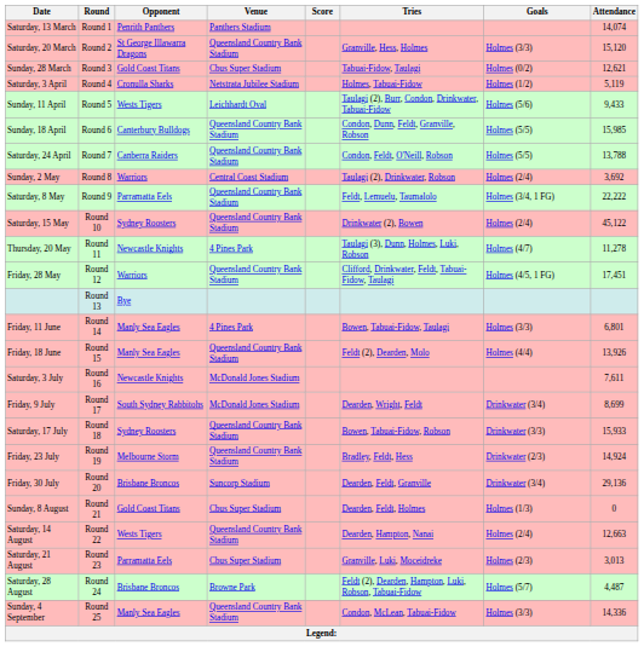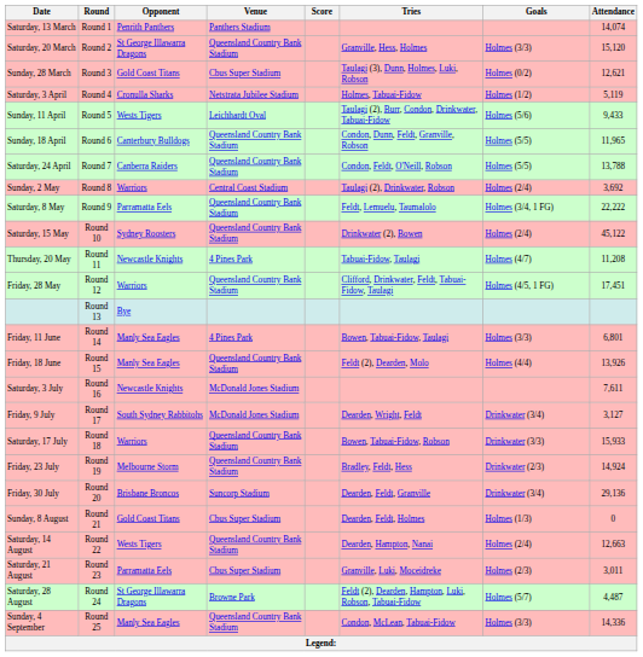 <table class="wikitable" style="font-size:75%;">
 <tr>
 <th style="width:120px;">Date</th>
 <th style="width:50px;">Round</th>
 <th style="width:160px;">Opponent</th>
 <th style="width:170px;">Venue</th>
 <th style="width:50px;">Score</th>
 <th style="width:270px;">Tries</th>
 <th style="width:190px;">Goals</th>
 <th style="width:60px;">Attendance</th>
 </tr>
 <tr style="background:#FFBBBB">
 <td>Saturday, 13 March</td>
 <td style="text-align:center;">Round 1</td>
 <td> <a href='#'>Penrith Panthers</a></td>
 <td><a href='#'>Panthers Stadium</a></td>
 <td style="text-align:center;"></td>
 <td></td>
 <td></td>
 <td style="text-align:center;">14,074</td>
 </tr>
 <tr style="background:#FFBBBB">
 <td>Saturday, 20 March</td>
 <td style="text-align:center;">Round 2</td>
 <td> <a href='#'>St George Illawarra Dragons</a></td>
 <td><a href='#'>Queensland Country Bank Stadium</a></td>
 <td style="text-align:center;"></td>
 <td><a href='#'>Granville</a>, <a href='#'>Hess</a>, <a href='#'>Holmes</a></td>
 <td><a href='#'>Holmes</a> (3/3)</td>
 <td style="text-align:center;">15,120</td>
 </tr>
 <tr style="background:#FFBBBB">
 <td>Sunday, 28 March</td>
 <td style="text-align:center;">Round 3</td>
 <td> <a href='#'>Gold Coast Titans</a></td>
 <td><a href='#'>Cbus Super Stadium</a></td>
 <td style="text-align:center;"></td>
-<td><a href='#'>Tabuai-Fidow</a>, <a href='#'>Taulagi</a></td>
+<td><a href='#'>Taulagi</a> (3), <a href='#'>Dunn</a>, <a href='#'>Holmes</a>, <a href='#'>Luki</a>, <a href='#'>Robson</a></td>
 <td><a href='#'>Holmes</a> (0/2)</td>
 <td style="text-align:center;">12,621</td>
 </tr>
 <tr style="background:#FFBBBB">
 <td>Saturday, 3 April</td>
 <td style="text-align:center;">Round 4</td>
 <td> <a href='#'>Cronulla Sharks</a></td>
 <td><a href='#'>Netstrata Jubilee Stadium</a></td>
 <td style="text-align:center;"></td>
 <td><a href='#'>Holmes</a>, <a href='#'>Tabuai-Fidow</a></td>
 <td><a href='#'>Holmes</a> (1/2)</td>
 <td style="text-align:center;">5,119</td>
 </tr>
 <tr style="background:#CCFFCC">
 <td>Sunday, 11 April</td>
 <td style="text-align:center;">Round 5</td>
 <td> <a href='#'>Wests Tigers</a></td>
 <td><a href='#'>Leichhardt Oval</a></td>
 <td style="text-align:center;"></td>
 <td><a href='#'>Taulagi</a> (2), <a href='#'>Burr</a>, <a href='#'>Condon</a>, <a href='#'>Drinkwater</a>, <a href='#'>Tabuai-Fidow</a></td>
 <td><a href='#'>Holmes</a> (5/6)</td>
 <td style="text-align:center;">9,433</td>
 </tr>
 <tr style="background:#CCFFCC">
 <td>Sunday, 18 April</td>
 <td style="text-align:center;">Round 6</td>
 <td> <a href='#'>Canterbury Bulldogs</a></td>
 <td><a href='#'>Queensland Country Bank Stadium</a></td>
 <td style="text-align:center;"></td>
 <td><a href='#'>Condon</a>, <a href='#'>Dunn</a>, <a href='#'>Feldt</a>, <a href='#'>Granville</a>, <a href='#'>Robson</a></td>
 <td><a href='#'>Holmes</a> (5/5)</td>
-<td style="text-align:center;">15,985</td>
+<td style="text-align:center;">11,965</td>
 </tr>
 <tr style="background:#CCFFCC">
 <td>Saturday, 24 April</td>
 <td style="text-align:center;">Round 7</td>
 <td> <a href='#'>Canberra Raiders</a></td>
 <td><a href='#'>Queensland Country Bank Stadium</a></td>
 <td style="text-align:center;"></td>
 <td><a href='#'>Condon</a>, <a href='#'>Feldt</a>, <a href='#'>O'Neill</a>, <a href='#'>Robson</a></td>
 <td><a href='#'>Holmes</a> (5/5)</td>
 <td style="text-align:center;">13,788</td>
 </tr>
 <tr style="background:#FFBBBB">
 <td>Sunday, 2 May</td>
 <td style="text-align:center;">Round 8</td>
 <td> <a href='#'>Warriors</a></td>
 <td><a href='#'>Central Coast Stadium</a></td>
 <td style="text-align:center;"></td>
 <td><a href='#'>Taulagi</a> (2), <a href='#'>Drinkwater</a>, <a href='#'>Robson</a></td>
 <td><a href='#'>Holmes</a> (2/4)</td>
 <td style="text-align:center;">3,692</td>
 </tr>
 <tr style="background:#CCFFCC">
 <td>Saturday, 8 May</td>
 <td style="text-align:center;">Round 9</td>
 <td> <a href='#'>Parramatta Eels</a></td>
 <td><a href='#'>Queensland Country Bank Stadium</a></td>
 <td style="text-align:center;"></td>
 <td><a href='#'>Feldt</a>, <a href='#'>Lemuelu</a>, <a href='#'>Taumalolo</a></td>
 <td><a href='#'>Holmes</a> (3/4, 1 FG)</td>
 <td style="text-align:center;">22,222</td>
 </tr>
 <tr style="background:#FFBBBB">
 <td>Saturday, 15 May</td>
 <td style="text-align:center;">Round 10</td>
 <td> <a href='#'>Sydney Roosters</a></td>
 <td><a href='#'>Queensland Country Bank Stadium</a></td>
 <td style="text-align:center;"></td>
 <td><a href='#'>Drinkwater</a> (2), <a href='#'>Bowen</a></td>
 <td><a href='#'>Holmes</a> (2/4)</td>
 <td style="text-align:center;">45,122</td>
 </tr>
 <tr style="background:#CCFFCC">
 <td>Thursday, 20 May</td>
 <td style="text-align:center;">Round 11</td>
 <td> <a href='#'>Newcastle Knights</a></td>
 <td><a href='#'>4 Pines Park</a></td>
 <td style="text-align:center;"></td>
-<td><a href='#'>Taulagi</a> (3), <a href='#'>Dunn</a>, <a href='#'>Holmes</a>, <a href='#'>Luki</a>, <a href='#'>Robson</a></td>
+<td><a href='#'>Tabuai-Fidow</a>, <a href='#'>Taulagi</a></td>
 <td><a href='#'>Holmes</a> (4/7)</td>
-<td style="text-align:center;">11,278</td>
+<td style="text-align:center;">11,208</td>
 </tr>
 <tr style="background:#CCFFCC">
 <td>Friday, 28 May</td>
 <td style="text-align:center;">Round 12</td>
 <td> <a href='#'>Warriors</a></td>
 <td><a href='#'>Queensland Country Bank Stadium</a></td>
 <td style="text-align:center;"></td>
 <td><a href='#'>Clifford</a>, <a href='#'>Drinkwater</a>, <a href='#'>Feldt</a>, <a href='#'>Tabuai-Fidow</a>, <a href='#'>Taulagi</a></td>
 <td><a href='#'>Holmes</a> (4/5, 1 FG)</td>
 <td style="text-align:center;">17,451</td>
 </tr>
 <tr style="background:#cfecec;">
 <td></td>
 <td style="text-align:center;">Round 13</td>
 <td><a href='#'>Bye</a></td>
 <td></td>
 <td></td>
 <td></td>
 <td></td>
 <td></td>
 </tr>
 <tr style="background:#FFBBBB">
 <td>Friday, 11 June</td>
 <td style="text-align:center;">Round 14</td>
 <td> <a href='#'>Manly Sea Eagles</a></td>
 <td><a href='#'>4 Pines Park</a></td>
 <td style="text-align:center;"></td>
 <td><a href='#'>Bowen</a>, <a href='#'>Tabuai-Fidow</a>, <a href='#'>Taulagi</a></td>
 <td><a href='#'>Holmes</a> (3/3)</td>
 <td style="text-align:center;">6,801</td>
 </tr>
 <tr style="background:#FFBBBB">
 <td>Friday, 18 June</td>
 <td style="text-align:center;">Round 15</td>
 <td> <a href='#'>Manly Sea Eagles</a></td>
 <td><a href='#'>Queensland Country Bank Stadium</a></td>
 <td style="text-align:center;"></td>
 <td><a href='#'>Feldt</a> (2), <a href='#'>Dearden</a>, <a href='#'>Molo</a></td>
 <td><a href='#'>Holmes</a> (4/4)</td>
 <td style="text-align:center;">13,926</td>
 </tr>
 <tr style="background:#FFBBBB">
 <td>Saturday, 3 July</td>
 <td style="text-align:center;">Round 16</td>
 <td> <a href='#'>Newcastle Knights</a></td>
 <td><a href='#'>McDonald Jones Stadium</a></td>
 <td style="text-align:center;"></td>
 <td></td>
 <td></td>
 <td style="text-align:center;">7,611</td>
 </tr>
 <tr style="background:#FFBBBB">
 <td>Friday, 9 July</td>
 <td style="text-align:center;">Round 17</td>
 <td> <a href='#'>South Sydney Rabbitohs</a></td>
 <td><a href='#'>McDonald Jones Stadium</a></td>
 <td style="text-align:center;"></td>
 <td><a href='#'>Dearden</a>, <a href='#'>Wright</a>,  <a href='#'>Feldt</a></td>
 <td><a href='#'>Drinkwater</a> (3/4)</td>
-<td style="text-align:center;">8,699</td>
+<td style="text-align:center;">3,127</td>
 </tr>
 <tr style="background:#FFBBBB">
 <td>Saturday, 17 July</td>
 <td style="text-align:center;">Round 18</td>
-<td> <a href='#'>Sydney Roosters</a></td>
+<td> <a href='#'>Warriors</a></td>
 <td><a href='#'>Queensland Country Bank Stadium</a></td>
 <td style="text-align:center;"></td>
 <td><a href='#'>Bowen</a>, <a href='#'>Tabuai-Fidow</a>, <a href='#'>Robson</a></td>
 <td><a href='#'>Drinkwater</a> (3/3)</td>
 <td style="text-align:center;">15,933</td>
 </tr>
 <tr style="background:#FFBBBB">
 <td>Friday, 23 July</td>
 <td style="text-align:center;">Round 19</td>
 <td> <a href='#'>Melbourne Storm</a></td>
 <td><a href='#'>Queensland Country Bank Stadium</a></td>
 <td style="text-align:center;"></td>
 <td><a href='#'>Bradley</a>, <a href='#'>Feldt</a>, <a href='#'>Hess</a></td>
 <td><a href='#'>Drinkwater</a> (2/3)</td>
 <td style="text-align:center;">14,924</td>
 </tr>
 <tr style="background:#FFBBBB">
 <td>Friday, 30 July</td>
 <td style="text-align:center;">Round 20</td>
 <td> <a href='#'>Brisbane Broncos</a></td>
 <td><a href='#'>Suncorp Stadium</a></td>
 <td style="text-align:center;"></td>
 <td><a href='#'>Dearden</a>, <a href='#'>Feldt</a>, <a href='#'>Granville</a></td>
 <td><a href='#'>Drinkwater</a> (3/4)</td>
 <td style="text-align:center;">29,136</td>
 </tr>
 <tr style="background:#FFBBBB">
 <td>Sunday, 8 August</td>
 <td style="text-align:center;">Round 21</td>
 <td> <a href='#'>Gold Coast Titans</a></td>
 <td><a href='#'>Cbus Super Stadium</a></td>
 <td style="text-align:center;"></td>
 <td><a href='#'>Dearden</a>, <a href='#'>Feldt</a>, <a href='#'>Holmes</a></td>
 <td><a href='#'>Holmes</a> (1/3)</td>
 <td style="text-align:center;">0</td>
 </tr>
 <tr style="background:#FFBBBB">
 <td>Saturday, 14 August</td>
 <td style="text-align:center;">Round 22</td>
 <td> <a href='#'>Wests Tigers</a></td>
 <td><a href='#'>Queensland Country Bank Stadium</a></td>
 <td style="text-align:center;"></td>
 <td><a href='#'>Dearden</a>, <a href='#'>Hampton</a>, <a href='#'>Nanai</a></td>
 <td><a href='#'>Holmes</a> (2/4)</td>
 <td style="text-align:center;">12,663</td>
 </tr>
 <tr style="background:#FFBBBB">
 <td>Saturday, 21 August</td>
 <td style="text-align:center;">Round 23</td>
 <td> <a href='#'>Parramatta Eels</a></td>
 <td><a href='#'>Cbus Super Stadium</a></td>
 <td style="text-align:center;"></td>
 <td><a href='#'>Granville</a>, <a href='#'>Luki</a>, <a href='#'>Moceidreke</a></td>
 <td><a href='#'>Holmes</a> (2/3)</td>
-<td style="text-align:center;">3,013</td>
+<td style="text-align:center;">3,011</td>
 </tr>
 <tr style="background:#CCFFCC">
 <td>Saturday, 28 August</td>
 <td style="text-align:center;">Round 24</td>
-<td> <a href='#'>Brisbane Broncos</a></td>
+<td> <a href='#'>St George Illawarra Dragons</a></td>
 <td><a href='#'>Browne Park</a></td>
 <td style="text-align:center;"></td>
 <td><a href='#'>Feldt</a> (2), <a href='#'>Dearden</a>, <a href='#'>Hampton</a>, <a href='#'>Luki</a>, <a href='#'>Robson</a>, <a href='#'>Tabuai-Fidow</a></td>
 <td><a href='#'>Holmes</a> (5/7)</td>
 <td style="text-align:center;">4,487</td>
 </tr>
 <tr style="background:#FFBBBB">
 <td>Sunday, 4 September</td>
 <td style="text-align:center;">Round 25</td>
 <td> <a href='#'>Manly Sea Eagles</a></td>
 <td><a href='#'>Queensland Country Bank Stadium</a></td>
 <td style="text-align:center;"></td>
 <td><a href='#'>Condon</a>, <a href='#'>McLean</a>, <a href='#'>Tabuai-Fidow</a></td>
 <td><a href='#'>Holmes</a> (3/3)</td>
 <td style="text-align:center;">14,336</td>
 </tr>
 <tr>
 <th colspan="11"><strong>Legend</strong>:    </th>
 </tr>
 </table>
